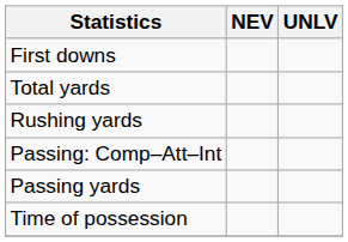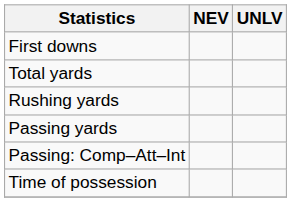 <table class="wikitable" style="float: left;">
 <tr>
 <th>Statistics</th>
 <th>NEV</th>
 <th>UNLV</th>
 </tr>
 <tr>
 <td>First downs</td>
 <td></td>
 <td></td>
 </tr>
 <tr>
 <td>Total yards</td>
 <td></td>
 <td></td>
 </tr>
 <tr>
 <td>Rushing yards</td>
 <td></td>
 <td></td>
 </tr>
 <tr>
-<td>Passing: Comp–Att–Int</td>
+<td>Passing yards</td>
 <td></td>
 <td></td>
 </tr>
 <tr>
-<td>Passing yards</td>
+<td>Passing: Comp–Att–Int</td>
 <td></td>
 <td></td>
 </tr>
 <tr>
 <td>Time of possession</td>
 <td></td>
 <td></td>
 </tr>
 <tr>
 </tr>
 </table>
